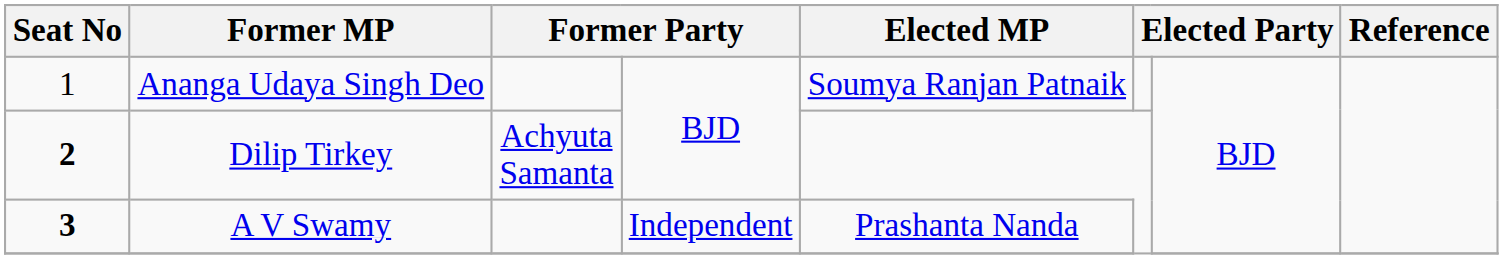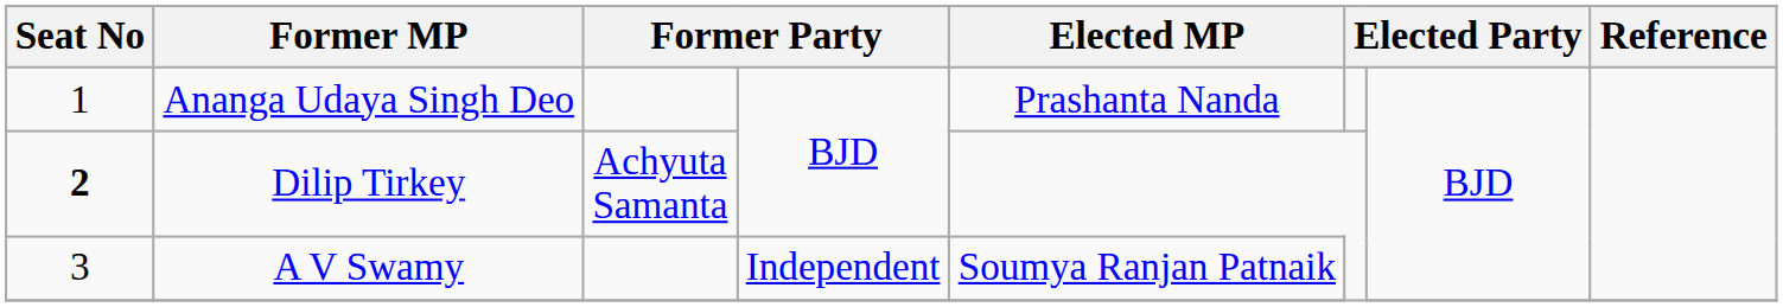 <table class="wikitable">
 <tr>
 <th>Seat No</th>
 <th>Former MP</th>
 <th colspan=2>Former Party</th>
 <th>Elected MP</th>
 <th colspan=2>Elected Party</th>
 <th>Reference</th>
 </tr>
 <tr style="text-align:center;">
 <td>1</td>
 <td><a href='#'>Ananga Udaya Singh Deo</a></td>
 <td width="1px"></td>
 <td rowspan=2><a href='#'>BJD</a></td>
-<td><a href='#'>Soumya Ranjan Patnaik</a></td>
+<td><a href='#'>Prashanta Nanda</a></td>
 <td width="1px"></td>
 <td rowspan=3><a href='#'>BJD</a></td>
 <td rowspan=3></td>
 </tr>
 <tr style="text-align:center;">
 <td><strong>2</strong></td>
 <td><a href='#'>Dilip Tirkey</a></td>
 <td><a href='#'>Achyuta Samanta</a></td>
 </tr>
 <tr style="text-align:center;">
-<td><strong>3</strong></td>
+<td>3</td>
 <td><a href='#'>A V Swamy</a></td>
 <td width="1px"></td>
 <td><a href='#'>Independent</a></td>
-<td><a href='#'>Prashanta Nanda</a></td>
+<td><a href='#'>Soumya Ranjan Patnaik</a></td>
 </tr>
 <tr>
 </tr>
 </table>
